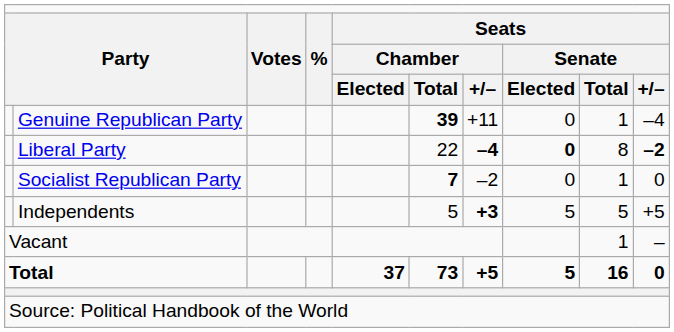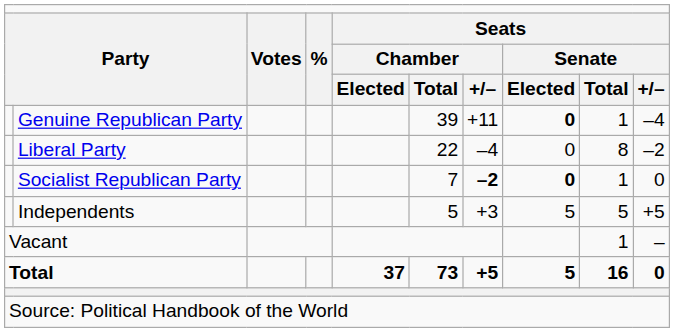 <table class="wikitable sortable" style=text-align:right>
 <tr>
 <td colspan=10> </td>
 </tr>
 <tr>
 <th rowspan=3 colspan=2>Party</th>
 <th rowspan=3>Votes</th>
 <th rowspan=3>%</th>
 <th colspan=6>Seats</th>
 </tr>
 <tr>
 <th colspan=3>Chamber</th>
 <th colspan=3>Senate</th>
 </tr>
 <tr>
 <th>Elected</th>
 <th>Total</th>
 <th>+/–</th>
 <th>Elected</th>
 <th>Total</th>
 <th>+/–</th>
 </tr>
 <tr>
 <td bgcolor=></td>
 <td align=left><a href='#'>Genuine Republican Party</a></td>
 <td></td>
 <td></td>
 <td></td>
-<td><strong>39</strong></td>
+<td>39</td>
 <td>+11</td>
-<td>0</td>
+<td><strong>0</strong></td>
 <td>1</td>
 <td>–4</td>
 </tr>
 <tr>
 <td bgcolor=></td>
 <td align=left><a href='#'>Liberal Party</a></td>
 <td></td>
 <td></td>
 <td></td>
 <td>22</td>
-<td><strong>–4</strong></td>
-<td><strong>0</strong></td>
+<td>–4</td>
+<td>0</td>
 <td>8</td>
-<td><strong>–2</strong></td>
+<td>–2</td>
 </tr>
 <tr>
 <td bgcolor=></td>
 <td align=left><a href='#'>Socialist Republican Party</a></td>
 <td></td>
 <td></td>
 <td></td>
-<td><strong>7</strong></td>
-<td>–2</td>
-<td>0</td>
+<td>7</td>
+<td><strong>–2</strong></td>
+<td><strong>0</strong></td>
 <td>1</td>
 <td>0</td>
 </tr>
 <tr>
 <td bgcolor=></td>
 <td align=left>Independents</td>
 <td></td>
 <td></td>
 <td></td>
 <td>5</td>
-<td><strong>+3</strong></td>
+<td>+3</td>
 <td>5</td>
 <td>5</td>
 <td>+5</td>
 </tr>
 <tr>
 <td colspan=2 align=left>Vacant</td>
 <td colspan=2></td>
 <td colspan=3></td>
 <td></td>
 <td>1</td>
 <td>–</td>
 </tr>
 <tr class=sortbottom>
 <td align=left colspan=2><strong>Total</strong></td>
 <td></td>
 <td></td>
 <td><strong>37</strong></td>
 <td><strong>73</strong></td>
 <td><strong>+5</strong></td>
 <td><strong>5</strong></td>
 <td><strong>16</strong></td>
 <td><strong>0</strong></td>
 </tr>
 <tr class=sortbottom>
 <th colspan=10></th>
 </tr>
 <tr class=sortbottom>
 <td align=left colspan=10>Source: Political Handbook of the World</td>
 </tr>
 </table>
